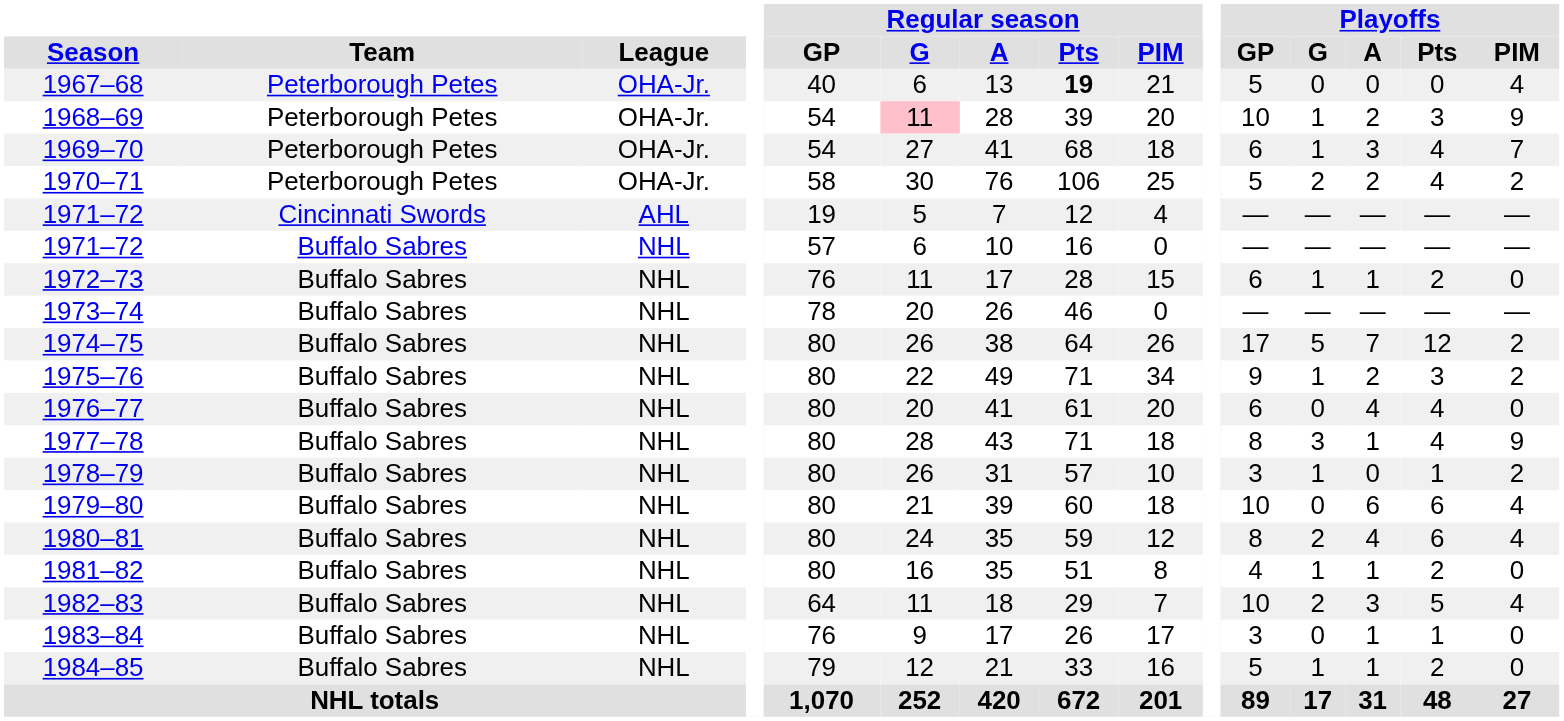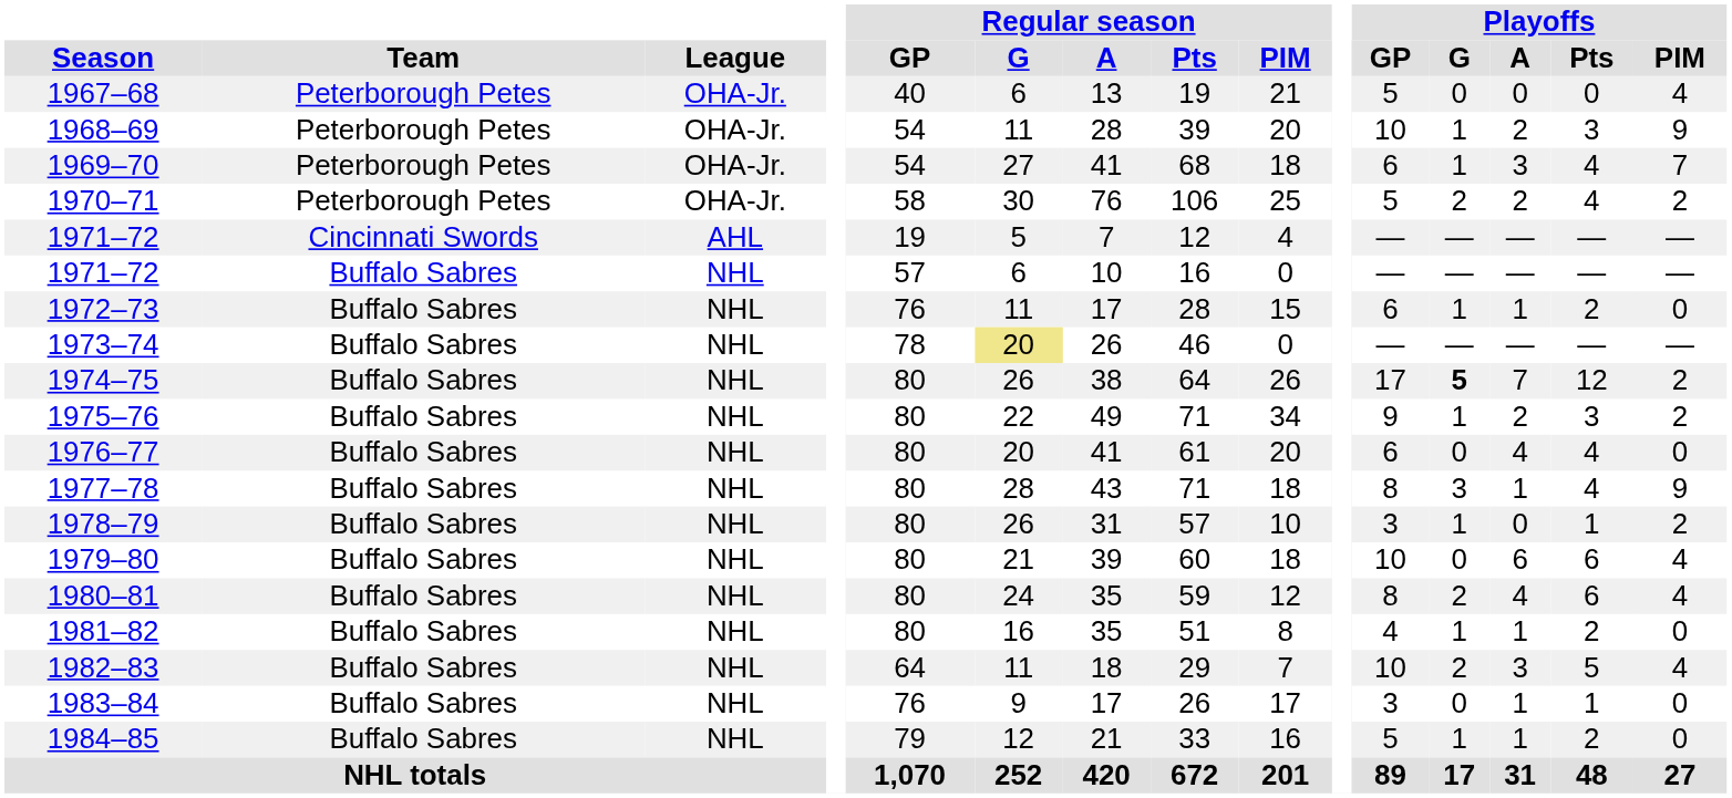 <table border="0" cellpadding="1" cellspacing="0" style="text-align:center; width:60em">
 <tr bgcolor="#e0e0e0">
 <th colspan="3" bgcolor="#ffffff"> </th>
 <th rowspan="99" bgcolor="#ffffff"> </th>
 <th colspan="5"><a href='#'>Regular season</a></th>
 <th rowspan="99" bgcolor="#ffffff"> </th>
 <th colspan="5"><a href='#'>Playoffs</a></th>
 </tr>
 <tr bgcolor="#e0e0e0">
 <th><a href='#'>Season</a></th>
 <th>Team</th>
 <th>League</th>
 <th>GP</th>
 <th><a href='#'>G</a></th>
 <th><a href='#'>A</a></th>
 <th><a href='#'>Pts</a></th>
 <th><a href='#'>PIM</a></th>
 <th>GP</th>
 <th>G</th>
 <th>A</th>
 <th>Pts</th>
 <th>PIM</th>
 </tr>
 <tr ALIGN="center" bgcolor="#f0f0f0">
 <td><a href='#'>1967–68</a></td>
 <td><a href='#'>Peterborough Petes</a></td>
 <td><a href='#'>OHA-Jr.</a></td>
 <td>40</td>
 <td>6</td>
 <td>13</td>
-<td><strong>19</strong></td>
+<td>19</td>
 <td>21</td>
 <td>5</td>
 <td>0</td>
 <td>0</td>
 <td>0</td>
 <td>4</td>
 </tr>
 <tr ALIGN="center">
 <td><a href='#'>1968–69</a></td>
 <td>Peterborough Petes</td>
 <td>OHA-Jr.</td>
 <td>54</td>
-<td style="background: pink;">11</td>
+<td>11</td>
 <td>28</td>
 <td>39</td>
 <td>20</td>
 <td>10</td>
 <td>1</td>
 <td>2</td>
 <td>3</td>
 <td>9</td>
 </tr>
 <tr ALIGN="center" bgcolor="#f0f0f0">
 <td><a href='#'>1969–70</a></td>
 <td>Peterborough Petes</td>
 <td>OHA-Jr.</td>
 <td>54</td>
 <td>27</td>
 <td>41</td>
 <td>68</td>
 <td>18</td>
 <td>6</td>
 <td>1</td>
 <td>3</td>
 <td>4</td>
 <td>7</td>
 </tr>
 <tr ALIGN="center">
 <td><a href='#'>1970–71</a></td>
 <td>Peterborough Petes</td>
 <td>OHA-Jr.</td>
 <td>58</td>
 <td>30</td>
 <td>76</td>
 <td>106</td>
 <td>25</td>
 <td>5</td>
 <td>2</td>
 <td>2</td>
 <td>4</td>
 <td>2</td>
 </tr>
 <tr ALIGN="center" bgcolor="#f0f0f0">
 <td><a href='#'>1971–72</a></td>
 <td><a href='#'>Cincinnati Swords</a></td>
 <td><a href='#'>AHL</a></td>
 <td>19</td>
 <td>5</td>
 <td>7</td>
 <td>12</td>
 <td>4</td>
 <td>—</td>
 <td>—</td>
 <td>—</td>
 <td>—</td>
 <td>—</td>
 </tr>
 <tr ALIGN="center">
 <td><a href='#'>1971–72</a></td>
 <td><a href='#'>Buffalo Sabres</a></td>
 <td><a href='#'>NHL</a></td>
 <td>57</td>
 <td>6</td>
 <td>10</td>
 <td>16</td>
 <td>0</td>
 <td>—</td>
 <td>—</td>
 <td>—</td>
 <td>—</td>
 <td>—</td>
 </tr>
 <tr ALIGN="center" bgcolor="#f0f0f0">
 <td><a href='#'>1972–73</a></td>
 <td>Buffalo Sabres</td>
 <td>NHL</td>
 <td>76</td>
 <td>11</td>
 <td>17</td>
 <td>28</td>
 <td>15</td>
 <td>6</td>
 <td>1</td>
 <td>1</td>
 <td>2</td>
 <td>0</td>
 </tr>
 <tr ALIGN="center">
 <td><a href='#'>1973–74</a></td>
 <td>Buffalo Sabres</td>
 <td>NHL</td>
 <td>78</td>
-<td>20</td>
+<td style="background: khaki;">20</td>
 <td>26</td>
 <td>46</td>
 <td>0</td>
 <td>—</td>
 <td>—</td>
 <td>—</td>
 <td>—</td>
 <td>—</td>
 </tr>
 <tr ALIGN="center" bgcolor="#f0f0f0">
 <td><a href='#'>1974–75</a></td>
 <td>Buffalo Sabres</td>
 <td>NHL</td>
 <td>80</td>
 <td>26</td>
 <td>38</td>
 <td>64</td>
 <td>26</td>
 <td>17</td>
-<td>5</td>
+<td><strong>5</strong></td>
 <td>7</td>
 <td>12</td>
 <td>2</td>
 </tr>
 <tr ALIGN="center">
 <td><a href='#'>1975–76</a></td>
 <td>Buffalo Sabres</td>
 <td>NHL</td>
 <td>80</td>
 <td>22</td>
 <td>49</td>
 <td>71</td>
 <td>34</td>
 <td>9</td>
 <td>1</td>
 <td>2</td>
 <td>3</td>
 <td>2</td>
 </tr>
 <tr ALIGN="center" bgcolor="#f0f0f0">
 <td><a href='#'>1976–77</a></td>
 <td>Buffalo Sabres</td>
 <td>NHL</td>
 <td>80</td>
 <td>20</td>
 <td>41</td>
 <td>61</td>
 <td>20</td>
 <td>6</td>
 <td>0</td>
 <td>4</td>
 <td>4</td>
 <td>0</td>
 </tr>
 <tr ALIGN="center">
 <td><a href='#'>1977–78</a></td>
 <td>Buffalo Sabres</td>
 <td>NHL</td>
 <td>80</td>
 <td>28</td>
 <td>43</td>
 <td>71</td>
 <td>18</td>
 <td>8</td>
 <td>3</td>
 <td>1</td>
 <td>4</td>
 <td>9</td>
 </tr>
 <tr ALIGN="center" bgcolor="#f0f0f0">
 <td><a href='#'>1978–79</a></td>
 <td>Buffalo Sabres</td>
 <td>NHL</td>
 <td>80</td>
 <td>26</td>
 <td>31</td>
 <td>57</td>
 <td>10</td>
 <td>3</td>
 <td>1</td>
 <td>0</td>
 <td>1</td>
 <td>2</td>
 </tr>
 <tr ALIGN="center">
 <td><a href='#'>1979–80</a></td>
 <td>Buffalo Sabres</td>
 <td>NHL</td>
 <td>80</td>
 <td>21</td>
 <td>39</td>
 <td>60</td>
 <td>18</td>
 <td>10</td>
 <td>0</td>
 <td>6</td>
 <td>6</td>
 <td>4</td>
 </tr>
 <tr ALIGN="center" bgcolor="#f0f0f0">
 <td><a href='#'>1980–81</a></td>
 <td>Buffalo Sabres</td>
 <td>NHL</td>
 <td>80</td>
 <td>24</td>
 <td>35</td>
 <td>59</td>
 <td>12</td>
 <td>8</td>
 <td>2</td>
 <td>4</td>
 <td>6</td>
 <td>4</td>
 </tr>
 <tr ALIGN="center">
 <td><a href='#'>1981–82</a></td>
 <td>Buffalo Sabres</td>
 <td>NHL</td>
 <td>80</td>
 <td>16</td>
 <td>35</td>
 <td>51</td>
 <td>8</td>
 <td>4</td>
 <td>1</td>
 <td>1</td>
 <td>2</td>
 <td>0</td>
 </tr>
 <tr ALIGN="center" bgcolor="#f0f0f0">
 <td><a href='#'>1982–83</a></td>
 <td>Buffalo Sabres</td>
 <td>NHL</td>
 <td>64</td>
 <td>11</td>
 <td>18</td>
 <td>29</td>
 <td>7</td>
 <td>10</td>
 <td>2</td>
 <td>3</td>
 <td>5</td>
 <td>4</td>
 </tr>
 <tr ALIGN="center">
 <td><a href='#'>1983–84</a></td>
 <td>Buffalo Sabres</td>
 <td>NHL</td>
 <td>76</td>
 <td>9</td>
 <td>17</td>
 <td>26</td>
 <td>17</td>
 <td>3</td>
 <td>0</td>
 <td>1</td>
 <td>1</td>
 <td>0</td>
 </tr>
 <tr ALIGN="center" bgcolor="#f0f0f0">
 <td><a href='#'>1984–85</a></td>
 <td>Buffalo Sabres</td>
 <td>NHL</td>
 <td>79</td>
 <td>12</td>
 <td>21</td>
 <td>33</td>
 <td>16</td>
 <td>5</td>
 <td>1</td>
 <td>1</td>
 <td>2</td>
 <td>0</td>
 </tr>
 <tr bgcolor="#e0e0e0">
 <th colspan="3">NHL totals</th>
 <th>1,070</th>
 <th>252</th>
 <th>420</th>
 <th>672</th>
 <th>201</th>
 <th>89</th>
 <th>17</th>
 <th>31</th>
 <th>48</th>
 <th>27</th>
 </tr>
 </table>
